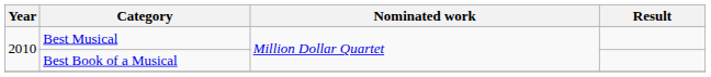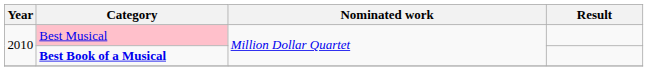 <table class="wikitable">
 <tr>
 <th width="5%">Year</th>
 <th width="30%">Category</th>
 <th width="50%">Nominated work</th>
 <th width="15%">Result</th>
 </tr>
 <tr>
 <td rowspan="2">2010</td>
-<td><a href='#'>Best Musical</a></td>
+<td style="background: pink;"><a href='#'>Best Musical</a></td>
 <td rowspan="2"><em><a href='#'>Million Dollar Quartet</a></em></td>
 <td></td>
 </tr>
 <tr>
-<td><a href='#'>Best Book of a Musical</a></td>
+<td><strong><a href='#'>Best Book of a Musical</a></strong></td>
 <td></td>
 </tr>
 <tr>
 </tr>
 </table>
